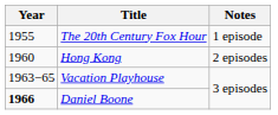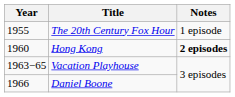 <table class="wikitable">
 <tr>
 <th>Year</th>
 <th>Title</th>
 <th>Notes</th>
 </tr>
 <tr>
 <td>1955</td>
 <td><em><a href='#'>The 20th Century Fox Hour</a></em></td>
 <td>1 episode</td>
 </tr>
 <tr>
 <td>1960</td>
 <td><em><a href='#'>Hong Kong</a></em></td>
-<td>2 episodes</td>
+<td><strong>2 episodes</strong></td>
 </tr>
 <tr>
 <td>1963−65</td>
 <td><em><a href='#'>Vacation Playhouse</a></em></td>
 <td rowspan=2>3 episodes</td>
 </tr>
 <tr>
-<td><strong>1966</strong></td>
+<td>1966</td>
 <td><em><a href='#'>Daniel Boone</a></em></td>
 </tr>
 </table>
